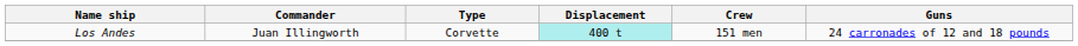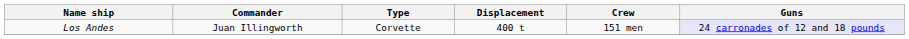 <table class="wikitable" border="1">
 <tr>
 <th width="15%">Name ship</th>
 <th width="15%">Commander</th>
 <th width="10%">Type</th>
 <th width="10%">Displacement</th>
 <th width="10%">Crew</th>
 <th width="20%">Guns</th>
 </tr>
 <tr>
 <td align="center"><em>Los Andes</em></td>
 <td align="center">Juan Illingworth</td>
 <td align="center">Corvette</td>
-<td align="center" style="background: paleturquoise;">400 t</td>
+<td align="center">400 t</td>
 <td align="center">151 men</td>
-<td align="center">24 <a href='#'>carronades</a> of 12 and 18 <a href='#'>pounds</a></td>
+<td align="center" style="background: lavender;">24 <a href='#'>carronades</a> of 12 and 18 <a href='#'>pounds</a></td>
 </tr>
 <tr>
 </tr>
 </table>
